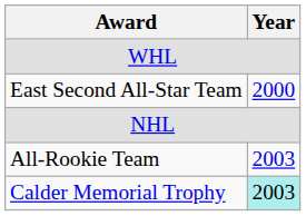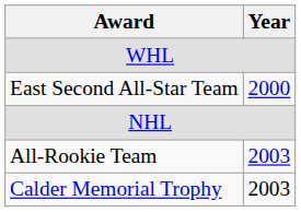 <table class="wikitable">
 <tr>
 <th>Award</th>
 <th>Year</th>
 </tr>
 <tr ALIGN="center" bgcolor="#e0e0e0">
 <td colspan="2"><a href='#'>WHL</a></td>
 </tr>
 <tr>
 <td>East Second All-Star Team</td>
 <td><a href='#'>2000</a></td>
 </tr>
 <tr style="text-align:center; background:#e0e0e0;">
 <td colspan="2"><a href='#'>NHL</a></td>
 </tr>
 <tr>
 <td>All-Rookie Team</td>
 <td><a href='#'>2003</a></td>
 </tr>
 <tr>
 <td><a href='#'>Calder Memorial Trophy</a></td>
-<td style="background: paleturquoise;">2003</td>
+<td>2003</td>
 </tr>
 </table>
